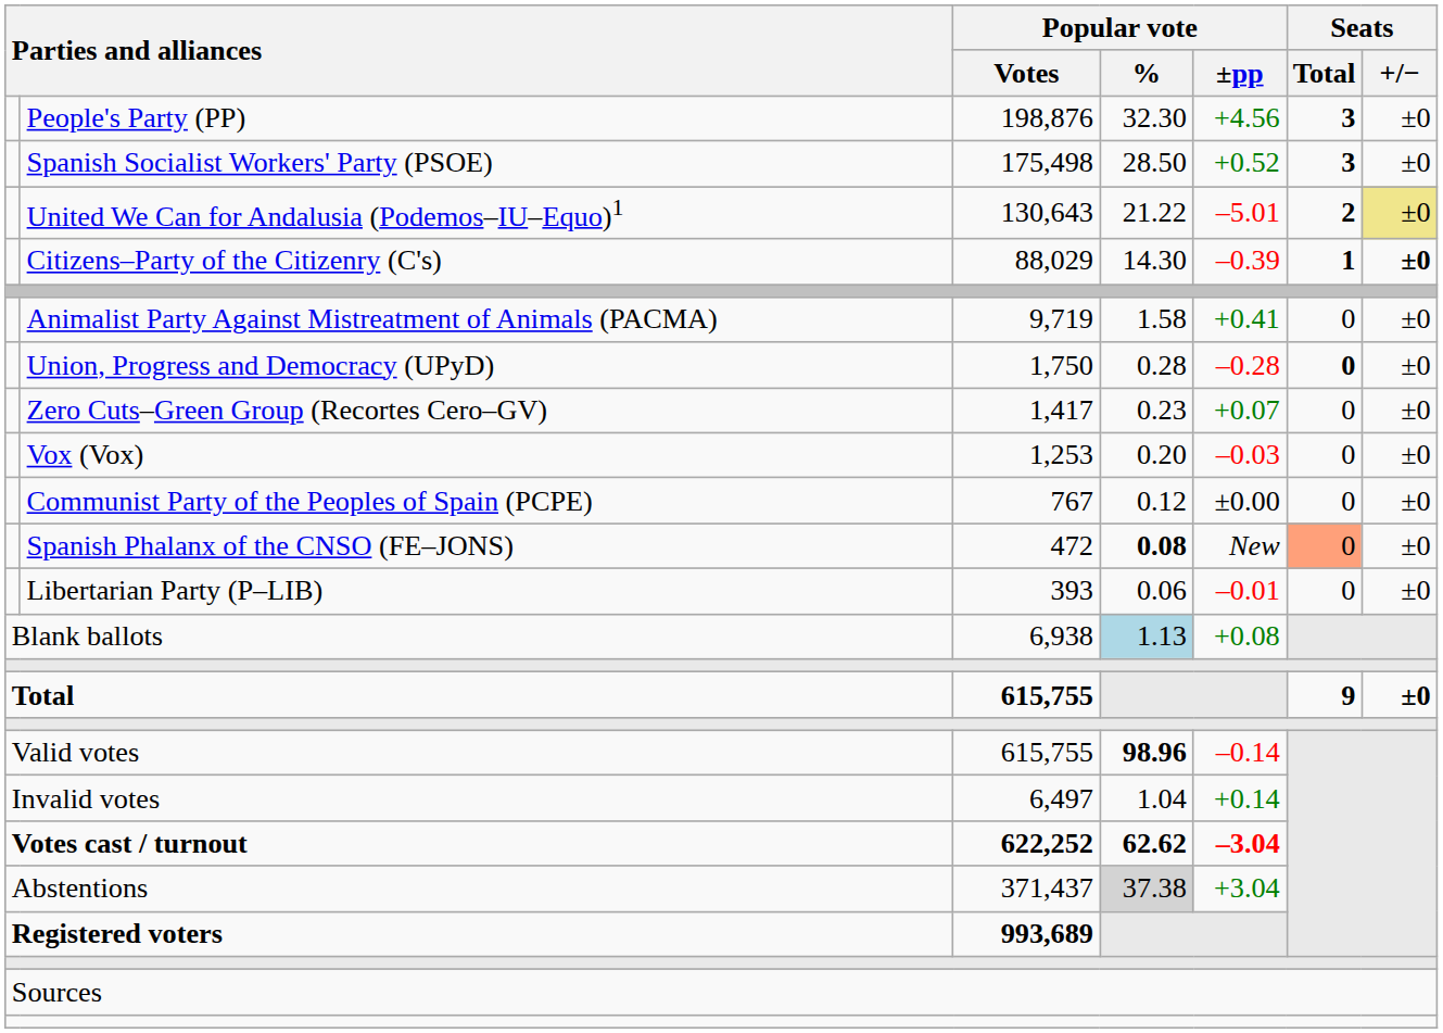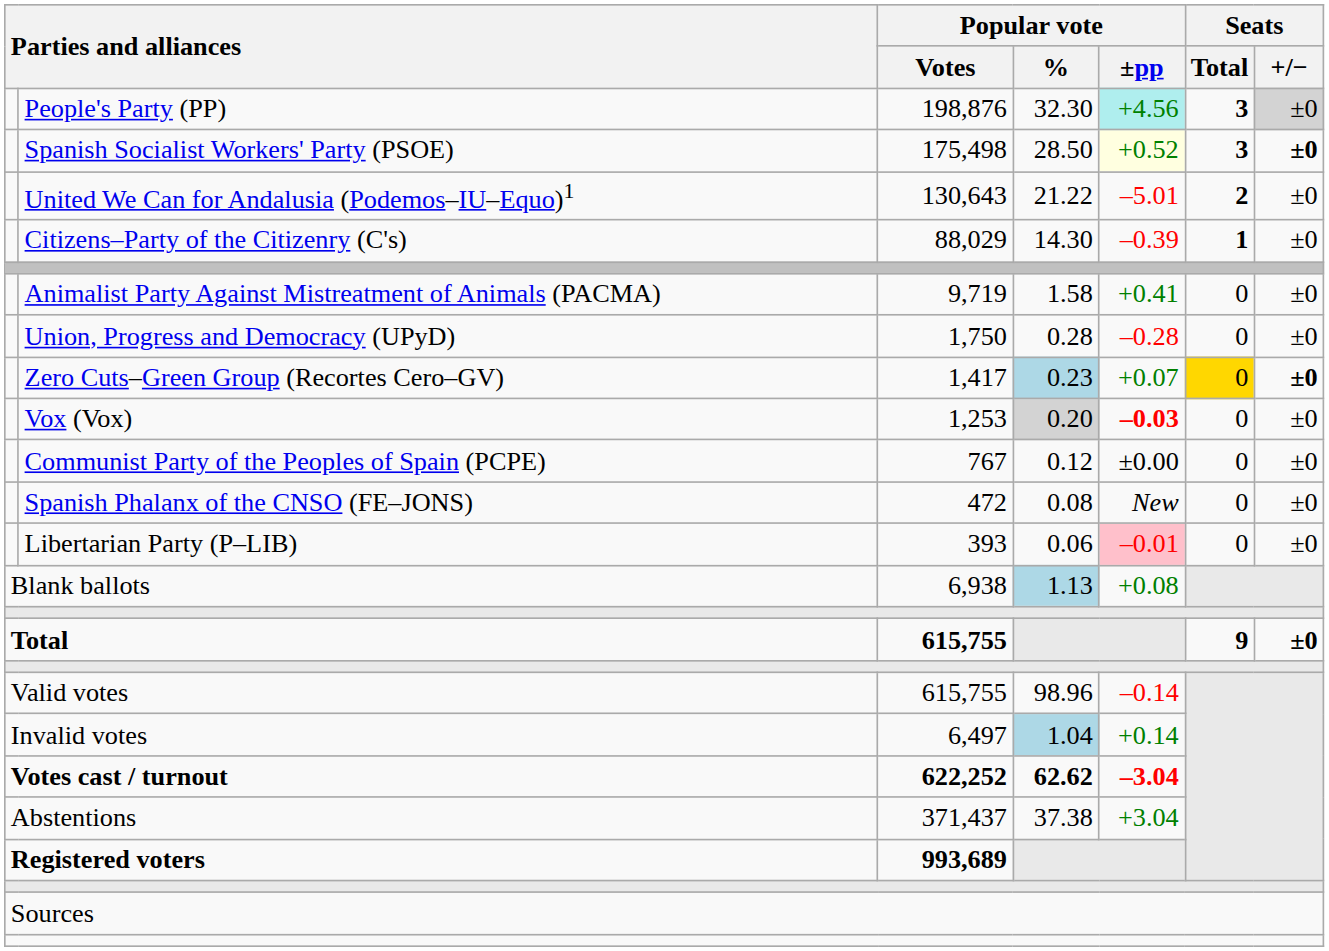 <table class="wikitable" style="text-align:right;">
 <tr>
 <th style="text-align:left;" rowspan="2" colspan="2" width="525">Parties and alliances</th>
 <th colspan="3">Popular vote</th>
 <th colspan="2">Seats</th>
 </tr>
 <tr>
 <th width="75">Votes</th>
 <th width="45">%</th>
 <th width="45">±<a href='#'>pp</a></th>
 <th width="35">Total</th>
 <th width="35">+/−</th>
 </tr>
 <tr>
 <td width="1" style="color:inherit;background:"></td>
 <td align="left"><a href='#'>People's Party</a> (PP)</td>
 <td>198,876</td>
 <td>32.30</td>
-<td style="color:green;">+4.56</td>
+<td style="background: paleturquoise; color:green;">+4.56</td>
 <td><strong>3</strong></td>
-<td>±0</td>
+<td style="background: lightgrey;">±0</td>
 </tr>
 <tr>
 <td style="color:inherit;background:"></td>
 <td align="left"><a href='#'>Spanish Socialist Workers' Party</a> (PSOE)</td>
 <td>175,498</td>
 <td>28.50</td>
-<td style="color:green;">+0.52</td>
+<td style="background: lightyellow; color:green;">+0.52</td>
 <td><strong>3</strong></td>
-<td>±0</td>
+<td><strong>±0</strong></td>
 </tr>
 <tr>
 <td style="color:inherit;background:"></td>
 <td align="left"><a href='#'>United We Can for Andalusia</a> (<a href='#'>Podemos</a>–<a href='#'>IU</a>–<a href='#'>Equo</a>)<sup>1</sup></td>
 <td>130,643</td>
 <td>21.22</td>
 <td style="color:red;">–5.01</td>
 <td><strong>2</strong></td>
-<td style="background: khaki;">±0</td>
+<td>±0</td>
 </tr>
 <tr>
 <td style="color:inherit;background:"></td>
 <td align="left"><a href='#'>Citizens–Party of the Citizenry</a> (C's)</td>
 <td>88,029</td>
 <td>14.30</td>
 <td style="color:red;">–0.39</td>
 <td><strong>1</strong></td>
-<td><strong>±0</strong></td>
+<td>±0</td>
 </tr>
 <tr>
 <td colspan="7" bgcolor="#C0C0C0"></td>
 </tr>
 <tr>
 <td style="color:inherit;background:"></td>
 <td align="left"><a href='#'>Animalist Party Against Mistreatment of Animals</a> (PACMA)</td>
 <td>9,719</td>
 <td>1.58</td>
 <td style="color:green;">+0.41</td>
 <td>0</td>
 <td>±0</td>
 </tr>
 <tr>
 <td style="color:inherit;background:"></td>
 <td align="left"><a href='#'>Union, Progress and Democracy</a> (UPyD)</td>
 <td>1,750</td>
 <td>0.28</td>
 <td style="color:red;">–0.28</td>
-<td><strong>0</strong></td>
+<td>0</td>
 <td>±0</td>
 </tr>
 <tr>
 <td style="color:inherit;background:"></td>
 <td align="left"><a href='#'>Zero Cuts</a>–<a href='#'>Green Group</a> (Recortes Cero–GV)</td>
 <td>1,417</td>
-<td>0.23</td>
+<td style="background: lightblue;">0.23</td>
 <td style="color:green;">+0.07</td>
-<td>0</td>
-<td>±0</td>
+<td style="background: gold;">0</td>
+<td><strong>±0</strong></td>
 </tr>
 <tr>
 <td style="color:inherit;background:"></td>
 <td align="left"><a href='#'>Vox</a> (Vox)</td>
 <td>1,253</td>
-<td>0.20</td>
-<td style="color:red;">–0.03</td>
+<td style="background: lightgrey;">0.20</td>
+<td style="color:red;"><strong>–0.03</strong></td>
 <td>0</td>
 <td>±0</td>
 </tr>
 <tr>
 <td style="color:inherit;background:"></td>
 <td align="left"><a href='#'>Communist Party of the Peoples of Spain</a> (PCPE)</td>
 <td>767</td>
 <td>0.12</td>
 <td>±0.00</td>
 <td>0</td>
 <td>±0</td>
 </tr>
 <tr>
 <td style="color:inherit;background:"></td>
 <td align="left"><a href='#'>Spanish Phalanx of the CNSO</a> (FE–JONS)</td>
 <td>472</td>
-<td><strong>0.08</strong></td>
+<td>0.08</td>
 <td><em>New</em></td>
-<td style="background: lightsalmon;">0</td>
+<td>0</td>
 <td>±0</td>
 </tr>
 <tr>
 <td style="color:inherit;background:"></td>
 <td align="left">Libertarian Party (P–LIB)</td>
 <td>393</td>
 <td>0.06</td>
-<td style="color:red;">–0.01</td>
+<td style="background: pink; color:red;">–0.01</td>
 <td>0</td>
 <td>±0</td>
 </tr>
 <tr>
 <td align="left" colspan="2">Blank ballots</td>
 <td>6,938</td>
 <td style="background: lightblue;">1.13</td>
 <td style="color:green;">+0.08</td>
 <td bgcolor="#E9E9E9" colspan="2"></td>
 </tr>
 <tr>
 <td colspan="7" bgcolor="#E9E9E9"></td>
 </tr>
 <tr style="font-weight:bold;">
 <td align="left" colspan="2">Total</td>
 <td>615,755</td>
 <td bgcolor="#E9E9E9" colspan="2"></td>
 <td>9</td>
 <td>±0</td>
 </tr>
 <tr>
 <td colspan="7" bgcolor="#E9E9E9"></td>
 </tr>
 <tr>
 <td align="left" colspan="2">Valid votes</td>
 <td>615,755</td>
-<td><strong>98.96</strong></td>
+<td>98.96</td>
 <td style="color:red;">–0.14</td>
 <td bgcolor="#E9E9E9" colspan="2" rowspan="5"></td>
 </tr>
 <tr>
 <td align="left" colspan="2">Invalid votes</td>
 <td>6,497</td>
-<td>1.04</td>
+<td style="background: lightblue;">1.04</td>
 <td style="color:green;">+0.14</td>
 </tr>
 <tr style="font-weight:bold;">
 <td align="left" colspan="2">Votes cast / turnout</td>
 <td>622,252</td>
 <td>62.62</td>
 <td style="color:red;">–3.04</td>
 </tr>
 <tr>
 <td align="left" colspan="2">Abstentions</td>
 <td>371,437</td>
-<td style="background: lightgrey;">37.38</td>
+<td>37.38</td>
 <td style="color:green;">+3.04</td>
 </tr>
 <tr style="font-weight:bold;">
 <td align="left" colspan="2">Registered voters</td>
 <td>993,689</td>
 <td bgcolor="#E9E9E9" colspan="2"></td>
 </tr>
 <tr>
 <td colspan="7" bgcolor="#E9E9E9"></td>
 </tr>
 <tr>
 <td align="left" colspan="7">Sources</td>
 </tr>
 <tr>
 <td colspan="7" style="text-align:left; max-width:790px;"></td>
 </tr>
 </table>
